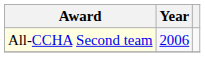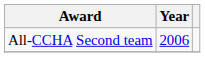 <table class="wikitable">
 <tr>
 <th>Award</th>
 <th>Year</th>
 <th></th>
 </tr>
 <tr>
-<td style="background: lightyellow;">All-<a href='#'>CCHA</a> <a href='#'>Second team</a></td>
+<td>All-<a href='#'>CCHA</a> <a href='#'>Second team</a></td>
 <td><a href='#'>2006</a></td>
 <td></td>
 </tr>
 <tr>
 </tr>
 </table>
